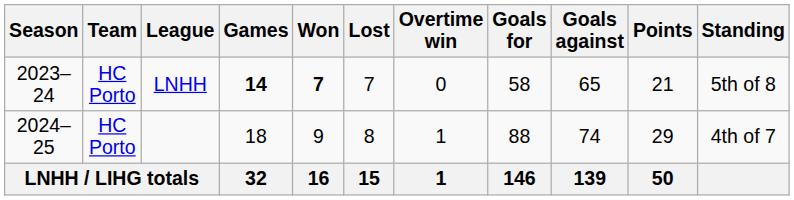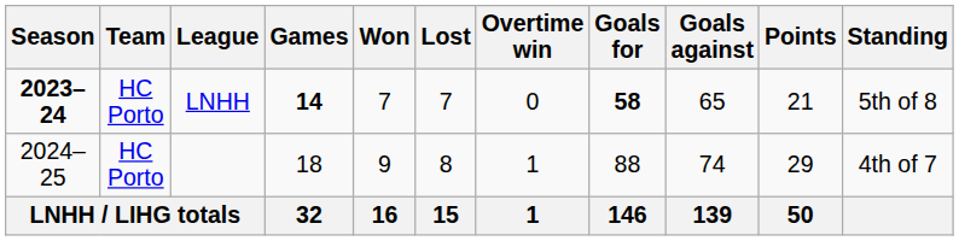 <table class="wikitable" style="text-align:center">
 <tr>
 <th>Season</th>
 <th>Team</th>
 <th>League</th>
 <th>Games</th>
 <th>Won</th>
 <th>Lost</th>
 <th>Overtime<br>win</th>
 <th>Goals<br>for</th>
 <th>Goals<br>against</th>
 <th>Points</th>
 <th>Standing</th>
 </tr>
 <tr>
-<td>2023–24</td>
+<td><strong>2023–24</strong></td>
 <td><a href='#'>HC Porto</a></td>
 <td><a href='#'>LNHH</a></td>
 <td><strong>14</strong></td>
-<td><strong>7</strong></td>
+<td>7</td>
 <td>7</td>
 <td>0</td>
-<td>58</td>
+<td><strong>58</strong></td>
 <td>65</td>
 <td>21</td>
 <td>5th of 8</td>
 </tr>
 <tr>
 <td>2024–25</td>
 <td><a href='#'>HC Porto</a></td>
 <td></td>
 <td>18</td>
 <td>9</td>
 <td>8</td>
 <td>1</td>
 <td>88</td>
 <td>74</td>
 <td>29</td>
 <td>4th of 7</td>
 </tr>
 <tr>
 <th colspan="3">LNHH / LIHG totals</th>
 <th>32</th>
 <th>16</th>
 <th>15</th>
 <th>1</th>
 <th>146</th>
 <th>139</th>
 <th>50</th>
 <th colspan="2"> </th>
 </tr>
 </table>
